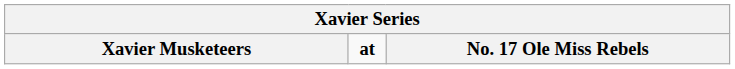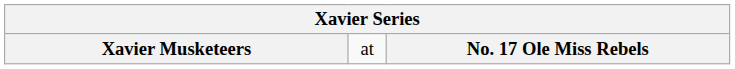 <table class="wikitable">
 <tr>
 <th style="width: 604px;" colspan=3>Xavier Series</th>
 </tr>
 <tr>
 <th style="width: 289px; ">Xavier Musketeers</th>
-<td style="width: 25px; text-align:center"><strong>at</strong></td>
+<td style="width: 25px; text-align:center">at</td>
 <th style="width: 289px; ">No. 17 Ole Miss Rebels</th>
 </tr>
 </table>
